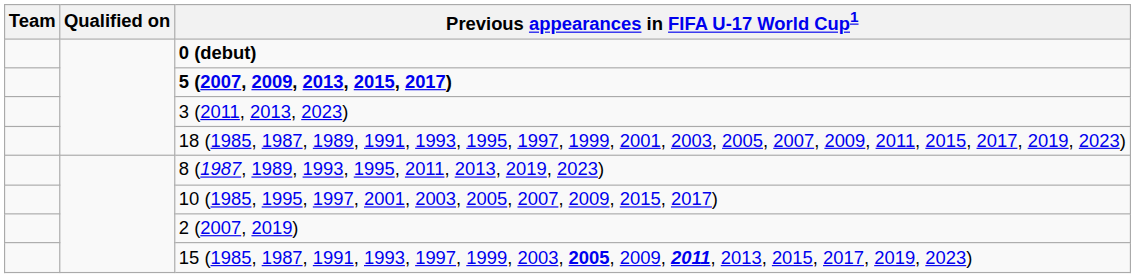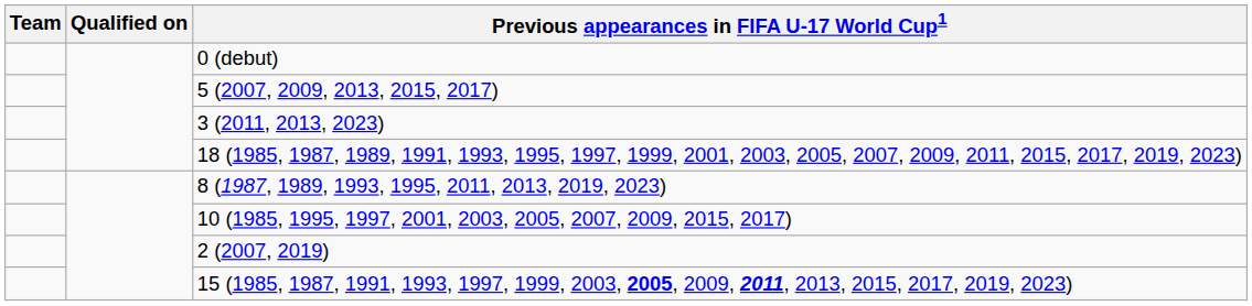 <table class="wikitable sortable">
 <tr>
 <th>Team</th>
 <th>Qualified on</th>
 <th data-sort-type="number">Previous <a href='#'>appearances</a> in <a href='#'>FIFA U-17 World Cup</a><sup><strong><a href='#'>1</a></strong></sup></th>
 </tr>
 <tr>
 <td></td>
 <td rowspan="4"></td>
-<td><strong>0 (debut)</strong></td>
+<td>0 (debut)</td>
 </tr>
 <tr>
 <td></td>
-<td><strong>5 (<a href='#'>2007</a>, <a href='#'>2009</a>, <a href='#'>2013</a>, <a href='#'>2015</a>, <a href='#'>2017</a>)</strong></td>
+<td>5 (<a href='#'>2007</a>, <a href='#'>2009</a>, <a href='#'>2013</a>, <a href='#'>2015</a>, <a href='#'>2017</a>)</td>
 </tr>
 <tr>
 <td></td>
 <td>3 (<a href='#'>2011</a>, <a href='#'>2013</a>, <a href='#'>2023</a>)</td>
 </tr>
 <tr>
 <td></td>
 <td>18 (<a href='#'>1985</a>, <a href='#'>1987</a>, <a href='#'>1989</a>, <a href='#'>1991</a>, <a href='#'>1993</a>, <a href='#'>1995</a>, <a href='#'>1997</a>, <a href='#'>1999</a>, <a href='#'>2001</a>, <a href='#'>2003</a>, <a href='#'>2005</a>, <a href='#'>2007</a>, <a href='#'>2009</a>, <a href='#'>2011</a>, <a href='#'>2015</a>, <a href='#'>2017</a>, <a href='#'>2019</a>, <a href='#'>2023</a>)</td>
 </tr>
 <tr>
 <td></td>
 <td rowspan="4"></td>
 <td>8 (<em><a href='#'>1987</a></em>, <a href='#'>1989</a>, <a href='#'>1993</a>, <a href='#'>1995</a>, <a href='#'>2011</a>, <a href='#'>2013</a>, <a href='#'>2019</a>, <a href='#'>2023</a>)</td>
 </tr>
 <tr>
 <td></td>
 <td>10 (<a href='#'>1985</a>, <a href='#'>1995</a>, <a href='#'>1997</a>, <a href='#'>2001</a>, <a href='#'>2003</a>, <a href='#'>2005</a>, <a href='#'>2007</a>, <a href='#'>2009</a>, <a href='#'>2015</a>, <a href='#'>2017</a>)</td>
 </tr>
 <tr>
 <td></td>
 <td>2 (<a href='#'>2007</a>, <a href='#'>2019</a>)</td>
 </tr>
 <tr>
 <td></td>
 <td>15 (<a href='#'>1985</a>, <a href='#'>1987</a>, <a href='#'>1991</a>, <a href='#'>1993</a>, <a href='#'>1997</a>, <a href='#'>1999</a>, <a href='#'>2003</a>, <strong><a href='#'>2005</a></strong>, <a href='#'>2009</a>, <strong><em><a href='#'>2011</a></em></strong>, <a href='#'>2013</a>, <a href='#'>2015</a>, <a href='#'>2017</a>, <a href='#'>2019</a>, <a href='#'>2023</a>)</td>
 </tr>
 </table>
